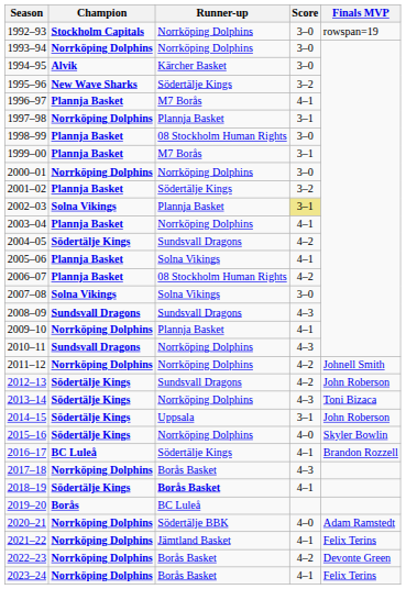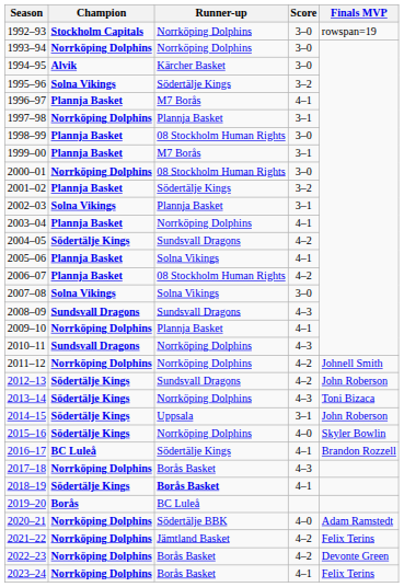 <table class="wikitable">
 <tr>
 <th>Season</th>
 <th>Champion</th>
 <th>Runner-up</th>
 <th>Score</th>
 <th><a href='#'>Finals MVP</a></th>
 </tr>
 <tr>
 <td>1992–93</td>
 <td><strong><a href='#'>Stockholm Capitals</a></strong></td>
 <td><a href='#'>Norrköping Dolphins</a></td>
 <td align=center>3–0</td>
 <td>rowspan=19 </td>
 </tr>
 <tr>
 <td>1993–94</td>
 <td><strong><a href='#'>Norrköping Dolphins</a></strong></td>
 <td><a href='#'>Norrköping Dolphins</a></td>
 <td align=center>3–0</td>
 </tr>
 <tr>
 <td>1994–95</td>
 <td><strong><a href='#'>Alvik</a></strong></td>
 <td><a href='#'>Kärcher Basket</a></td>
 <td align=center>3–0</td>
 </tr>
 <tr>
 <td>1995–96</td>
-<td><strong><a href='#'>New Wave Sharks</a></strong></td>
+<td><strong><a href='#'>Solna Vikings</a></strong></td>
 <td><a href='#'>Södertälje Kings</a></td>
 <td align=center>3–2</td>
 </tr>
 <tr>
 <td>1996–97</td>
 <td><strong><a href='#'>Plannja Basket</a></strong></td>
 <td><a href='#'>M7 Borås</a></td>
 <td align=center>4–1</td>
 </tr>
 <tr>
 <td>1997–98</td>
 <td><strong><a href='#'>Norrköping Dolphins</a></strong></td>
 <td><a href='#'>Plannja Basket</a></td>
 <td align=center>3–1</td>
 </tr>
 <tr>
 <td>1998–99</td>
 <td><strong><a href='#'>Plannja Basket</a></strong></td>
 <td><a href='#'>08 Stockholm Human Rights</a></td>
 <td align=center>3–0</td>
 </tr>
 <tr>
 <td>1999–00</td>
 <td><strong><a href='#'>Plannja Basket</a></strong></td>
 <td><a href='#'>M7 Borås</a></td>
 <td align=center>3–1</td>
 </tr>
 <tr>
 <td>2000–01</td>
 <td><strong><a href='#'>Norrköping Dolphins</a></strong></td>
-<td><a href='#'>Norrköping Dolphins</a></td>
+<td><a href='#'>08 Stockholm Human Rights</a></td>
 <td align=center>3–0</td>
 </tr>
 <tr>
 <td>2001–02</td>
 <td><strong><a href='#'>Plannja Basket</a></strong></td>
 <td><a href='#'>Södertälje Kings</a></td>
 <td align=center>3–2</td>
 </tr>
 <tr>
 <td>2002–03</td>
 <td><strong><a href='#'>Solna Vikings</a></strong></td>
 <td><a href='#'>Plannja Basket</a></td>
-<td align=center style="background: khaki;">3–1</td>
+<td align=center>3–1</td>
 </tr>
 <tr>
 <td>2003–04</td>
 <td><strong><a href='#'>Plannja Basket</a></strong></td>
 <td><a href='#'>Norrköping Dolphins</a></td>
 <td align=center>4–1</td>
 </tr>
 <tr>
 <td>2004–05</td>
 <td><strong><a href='#'>Södertälje Kings</a></strong></td>
 <td><a href='#'>Sundsvall Dragons</a></td>
 <td align=center>4–2</td>
 </tr>
 <tr>
 <td>2005–06</td>
 <td><strong><a href='#'>Plannja Basket</a></strong></td>
 <td><a href='#'>Solna Vikings</a></td>
 <td align=center>4–1</td>
 </tr>
 <tr>
 <td>2006–07</td>
 <td><strong><a href='#'>Plannja Basket</a></strong></td>
 <td><a href='#'>08 Stockholm Human Rights</a></td>
 <td align=center>4–2</td>
 </tr>
 <tr>
 <td>2007–08</td>
 <td><strong><a href='#'>Solna Vikings</a></strong></td>
 <td><a href='#'>Solna Vikings</a></td>
 <td align=center>3–0</td>
 </tr>
 <tr>
 <td>2008–09</td>
 <td><strong><a href='#'>Sundsvall Dragons</a></strong></td>
 <td><a href='#'>Sundsvall Dragons</a></td>
 <td align=center>4–3</td>
 </tr>
 <tr>
 <td>2009–10</td>
 <td><strong><a href='#'>Norrköping Dolphins</a></strong></td>
 <td><a href='#'>Plannja Basket</a></td>
 <td align=center>4–1</td>
 </tr>
 <tr>
 <td>2010–11</td>
 <td><strong><a href='#'>Sundsvall Dragons</a></strong></td>
 <td><a href='#'>Norrköping Dolphins</a></td>
 <td align=center>4–3</td>
 </tr>
 <tr>
 <td>2011–12</td>
 <td><strong><a href='#'>Norrköping Dolphins</a></strong></td>
 <td><a href='#'>Norrköping Dolphins</a></td>
 <td align=center>4–2</td>
 <td> <a href='#'>Johnell Smith</a></td>
 </tr>
 <tr>
 <td><a href='#'>2012–13</a></td>
 <td><strong><a href='#'>Södertälje Kings</a></strong></td>
 <td><a href='#'>Sundsvall Dragons</a></td>
 <td align=center>4–2</td>
 <td> <a href='#'>John Roberson</a></td>
 </tr>
 <tr>
 <td><a href='#'>2013–14</a></td>
 <td><strong><a href='#'>Södertälje Kings</a></strong></td>
 <td><a href='#'>Norrköping Dolphins</a></td>
 <td align=center>4–3</td>
 <td> <a href='#'>Toni Bizaca</a></td>
 </tr>
 <tr>
 <td><a href='#'>2014–15</a></td>
 <td><strong><a href='#'>Södertälje Kings</a></strong></td>
 <td><a href='#'>Uppsala</a></td>
 <td align=center>3–1</td>
 <td> <a href='#'>John Roberson</a></td>
 </tr>
 <tr>
 <td><a href='#'>2015–16</a></td>
 <td><strong><a href='#'>Södertälje Kings</a></strong></td>
 <td><a href='#'>Norrköping Dolphins</a></td>
 <td align=center>4–0</td>
 <td> <a href='#'>Skyler Bowlin</a></td>
 </tr>
 <tr>
 <td><a href='#'>2016–17</a></td>
 <td><strong><a href='#'>BC Luleå</a></strong></td>
 <td><a href='#'>Södertälje Kings</a></td>
 <td align=center>4–1</td>
 <td> <a href='#'>Brandon Rozzell</a></td>
 </tr>
 <tr>
 <td><a href='#'>2017–18</a></td>
 <td><strong><a href='#'>Norrköping Dolphins</a></strong></td>
 <td><a href='#'>Borås Basket</a></td>
 <td align=center>4–3</td>
 <td></td>
 </tr>
 <tr>
 <td><a href='#'>2018–19</a></td>
 <td><strong><a href='#'>Södertälje Kings</a></strong></td>
 <td><strong><a href='#'>Borås Basket</a></strong></td>
 <td align=center>4–1</td>
 <td></td>
 </tr>
 <tr>
 <td><a href='#'>2019–20</a></td>
 <td><strong><a href='#'>Borås</a></strong></td>
 <td><a href='#'>BC Luleå</a></td>
 <td></td>
 <td></td>
 </tr>
 <tr>
 <td><a href='#'>2020–21</a></td>
 <td><strong><a href='#'>Norrköping Dolphins</a></strong></td>
 <td><a href='#'>Södertälje BBK</a></td>
 <td align=center>4–0</td>
 <td> <a href='#'>Adam Ramstedt</a></td>
 </tr>
 <tr>
 <td><a href='#'>2021–22</a></td>
 <td><strong><a href='#'>Norrköping Dolphins</a></strong></td>
 <td><a href='#'>Jämtland Basket</a></td>
-<td align=center>4–1</td>
+<td align=center>4–2</td>
 <td> <a href='#'>Felix Terins</a></td>
 </tr>
 <tr>
 <td><a href='#'>2022–23</a></td>
 <td><strong><a href='#'>Norrköping Dolphins</a></strong></td>
 <td><a href='#'>Borås Basket</a></td>
 <td align=center>4–2</td>
 <td> <a href='#'>Devonte Green</a></td>
 </tr>
 <tr>
 <td><a href='#'>2023–24</a></td>
 <td><strong><a href='#'>Norrköping Dolphins</a></strong></td>
 <td><a href='#'>Borås Basket</a></td>
 <td align=center>4–1</td>
 <td> <a href='#'>Felix Terins</a></td>
 </tr>
 </table>
